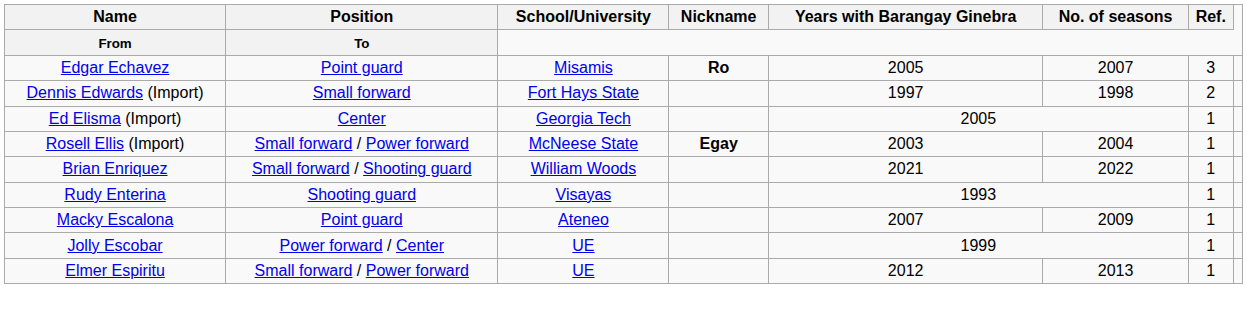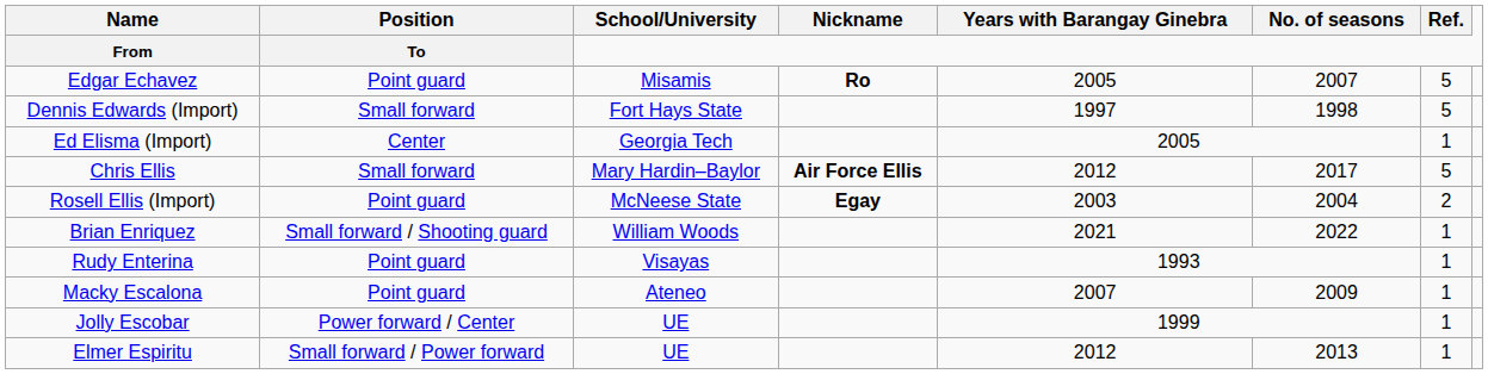 <table class="wikitable sortable" style="text-align:center" width="98%">
 <tr>
 <th>Name</th>
 <th>Position</th>
 <th>School/University</th>
 <th>Nickname</th>
 <th>Years with Barangay Ginebra</th>
 <th>No. of seasons</th>
 <th>Ref.</th>
 </tr>
 <tr>
 <th><small>From</small></th>
 <th><small>To</small></th>
 </tr>
 <tr>
 <td><a href='#'>Edgar Echavez</a></td>
 <td><a href='#'>Point guard</a></td>
 <td><a href='#'>Misamis</a></td>
 <td><strong>Ro</strong></td>
 <td>2005</td>
 <td>2007</td>
-<td>3</td>
+<td>5</td>
 <td></td>
 </tr>
 <tr>
 <td><a href='#'>Dennis Edwards</a> (Import)</td>
 <td><a href='#'>Small forward</a></td>
 <td><a href='#'>Fort Hays State</a></td>
 <td></td>
 <td>1997</td>
 <td>1998</td>
-<td>2</td>
+<td>5</td>
 <td></td>
 </tr>
 <tr>
 <td><a href='#'>Ed Elisma</a> (Import)</td>
 <td><a href='#'>Center</a></td>
 <td><a href='#'>Georgia Tech</a></td>
 <td></td>
 <td colspan="2">2005</td>
 <td>1</td>
 <td></td>
 </tr>
 <tr>
+<td><a href='#'>Chris Ellis</a></td>
+<td><a href='#'>Small forward</a></td>
+<td><a href='#'>Mary Hardin–Baylor</a></td>
+<td><strong>Air Force Ellis</strong></td>
+<td>2012</td>
+<td>2017</td>
+<td>5</td>
+<td></td>
+</tr>
+<tr>
 <td><a href='#'>Rosell Ellis</a> (Import)</td>
-<td><a href='#'>Small forward</a> / <a href='#'>Power forward</a></td>
+<td><a href='#'>Point guard</a></td>
 <td><a href='#'>McNeese State</a></td>
 <td><strong>Egay</strong></td>
 <td>2003</td>
 <td>2004</td>
-<td>1</td>
+<td>2</td>
 <td></td>
 </tr>
 <tr>
 <td><a href='#'>Brian Enriquez</a></td>
 <td><a href='#'>Small forward</a> / <a href='#'>Shooting guard</a></td>
 <td><a href='#'>William Woods</a></td>
 <td></td>
 <td>2021</td>
 <td>2022</td>
 <td>1</td>
 <td></td>
 </tr>
 <tr>
 <td><a href='#'>Rudy Enterina</a></td>
-<td><a href='#'>Shooting guard</a></td>
+<td><a href='#'>Point guard</a></td>
 <td><a href='#'>Visayas</a></td>
 <td></td>
 <td colspan="2">1993</td>
 <td>1</td>
 <td></td>
 </tr>
 <tr>
 <td><a href='#'>Macky Escalona</a></td>
 <td><a href='#'>Point guard</a></td>
 <td><a href='#'>Ateneo</a></td>
 <td></td>
 <td>2007</td>
 <td>2009</td>
 <td>1</td>
 <td></td>
 </tr>
 <tr>
 <td><a href='#'>Jolly Escobar</a></td>
 <td><a href='#'>Power forward</a> / <a href='#'>Center</a></td>
 <td><a href='#'>UE</a></td>
 <td></td>
 <td colspan="2">1999</td>
 <td>1</td>
 <td></td>
 </tr>
 <tr>
 <td><a href='#'>Elmer Espiritu</a></td>
 <td><a href='#'>Small forward</a> / <a href='#'>Power forward</a></td>
 <td><a href='#'>UE</a></td>
 <td></td>
 <td>2012</td>
 <td>2013</td>
 <td>1</td>
 <td></td>
 </tr>
 </table>
